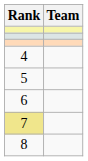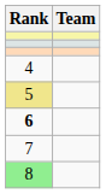 <table class="wikitable" style="text-align:center">
 <tr>
 <th>Rank</th>
 <th>Team</th>
 </tr>
 <tr bgcolor="#F7F6A8">
 <td></td>
 <td align=left></td>
 </tr>
 <tr bgcolor="#DCE5E5">
 <td></td>
 <td align=left></td>
 </tr>
 <tr bgcolor="#FFDAB9">
 <td></td>
 <td align=left></td>
 </tr>
 <tr>
 <td>4</td>
 <td align=left></td>
 </tr>
 <tr>
-<td>5</td>
+<td style="background: khaki;">5</td>
 <td align=left></td>
 </tr>
 <tr>
-<td>6</td>
+<td><strong>6</strong></td>
 <td align=left></td>
 </tr>
 <tr>
-<td style="background: khaki;">7</td>
+<td>7</td>
 <td align=left></td>
 </tr>
 <tr>
-<td>8</td>
+<td style="background: lightgreen;">8</td>
 <td align=left></td>
 </tr>
 </table>
